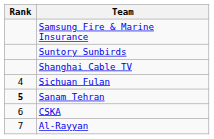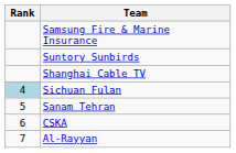 <table class="wikitable" style="text-align: center;">
 <tr>
 <th width=40>Rank</th>
 <th width=240>Team</th>
 </tr>
 <tr>
 <td></td>
 <td align="left"> <a href='#'>Samsung Fire & Marine Insurance</a></td>
 </tr>
 <tr>
 <td></td>
 <td align="left"> <a href='#'>Suntory Sunbirds</a></td>
 </tr>
 <tr>
 <td></td>
 <td align="left"> <a href='#'>Shanghai Cable TV</a></td>
 </tr>
 <tr>
-<td>4</td>
+<td style="background: lightblue;">4</td>
 <td align="left"> <a href='#'>Sichuan Fulan</a></td>
 </tr>
 <tr>
-<td><strong>5</strong></td>
+<td>5</td>
 <td align="left"> <a href='#'>Sanam Tehran</a></td>
 </tr>
 <tr>
 <td>6</td>
 <td align="left"> <a href='#'>CSKA</a></td>
 </tr>
 <tr>
 <td>7</td>
 <td align="left"> <a href='#'>Al-Rayyan</a></td>
 </tr>
 </table>
